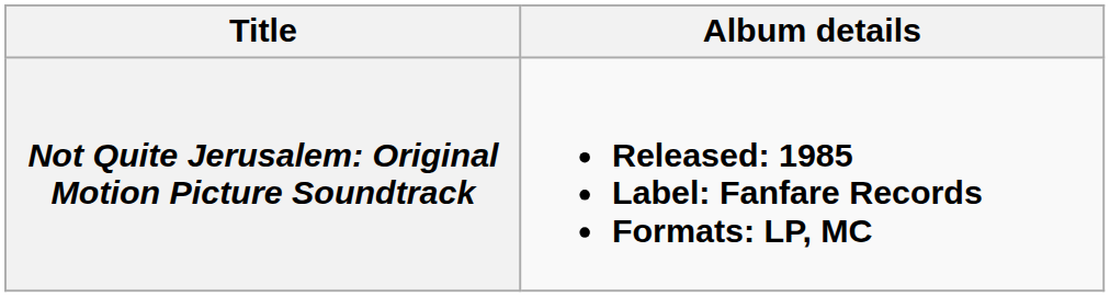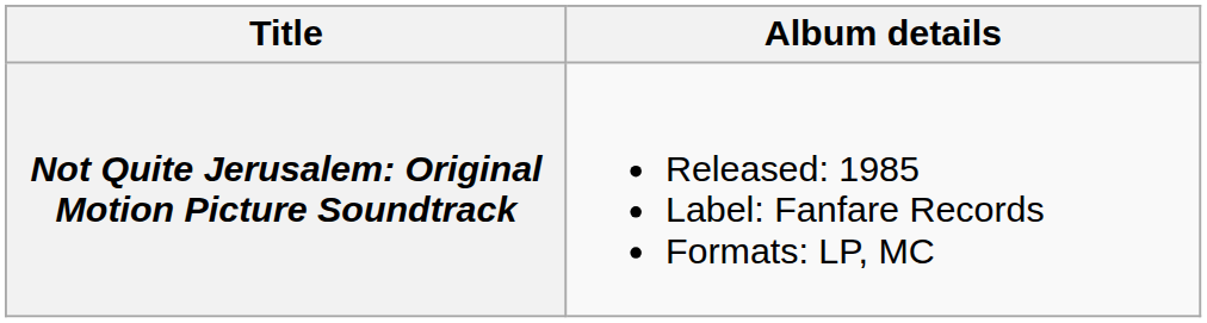 <table class="wikitable plainrowheaders" style="text-align:center;">
 <tr>
 <th rowspan="1" style="width:15em;">Title</th>
 <th rowspan="1" style="width:17em;">Album details</th>
 </tr>
 <tr>
 <th scope="row"><em>Not Quite Jerusalem: Original Motion Picture Soundtrack</em></th>
-<td align="left"><strong><br><ul><li>Released: 1985</li><li>Label: Fanfare Records</li><li>Formats: LP, MC</li></ul></strong></td>
+<td align="left"><br><ul><li>Released: 1985</li><li>Label: Fanfare Records</li><li>Formats: LP, MC</li></ul></td>
 </tr>
 </table>
